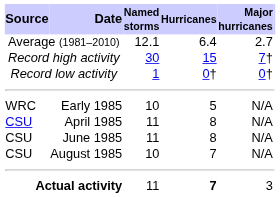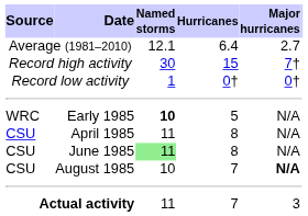 <table class="toccolours" cellspacing=0 cellpadding=1 style="float:right; text-align:right; clear: right;">
 <tr style="background:#ccf;">
 <th>Source</th>
 <th>Date</th>
 <th><small>Named<br>storms</small></th>
 <th><small>Hurricanes</small></th>
 <th><small>Major<br>hurricanes</small></th>
 <th></th>
 </tr>
 <tr>
 <td colspan="2" style="text-align:center;">Average <small>(1981–2010)</small></td>
 <td>12.1</td>
 <td>6.4</td>
 <td>2.7</td>
 <td></td>
 </tr>
 <tr>
 <td align="center" colspan="2"><em>Record high activity</em></td>
 <td><a href='#'>30</a></td>
 <td><a href='#'>15</a></td>
 <td><a href='#'>7</a>†</td>
 <td></td>
 </tr>
 <tr>
 <td align="center" colspan="2"><em>Record low activity</em></td>
 <td><a href='#'>1</a></td>
 <td><a href='#'>0</a>†</td>
 <td><a href='#'>0</a>†</td>
 <td></td>
 </tr>
 <tr>
 <td colspan="6"><hr></td>
 </tr>
 <tr>
 <td align="left">WRC</td>
 <td>Early 1985</td>
-<td>10</td>
+<td><strong>10</strong></td>
 <td>5</td>
 <td>N/A</td>
 <td></td>
 </tr>
 <tr>
 <td align="left"><a href='#'>CSU</a></td>
 <td>April 1985</td>
 <td>11</td>
 <td>8</td>
 <td>N/A</td>
 <td></td>
 </tr>
 <tr>
 <td align="left">CSU</td>
 <td>June 1985</td>
-<td>11</td>
+<td style="background: lightgreen;">11</td>
 <td>8</td>
 <td>N/A</td>
 <td></td>
 </tr>
 <tr>
 <td align="left">CSU</td>
 <td>August 1985</td>
 <td>10</td>
 <td>7</td>
-<td>N/A</td>
+<td><strong>N/A</strong></td>
 <td></td>
 </tr>
 <tr>
 <td colspan="6"><hr></td>
 </tr>
 <tr>
 <td colspan=2><strong>Actual activity</strong></td>
 <td>11</td>
-<td><strong>7</strong></td>
+<td>7</td>
 <td>3</td>
 </tr>
 </table>
